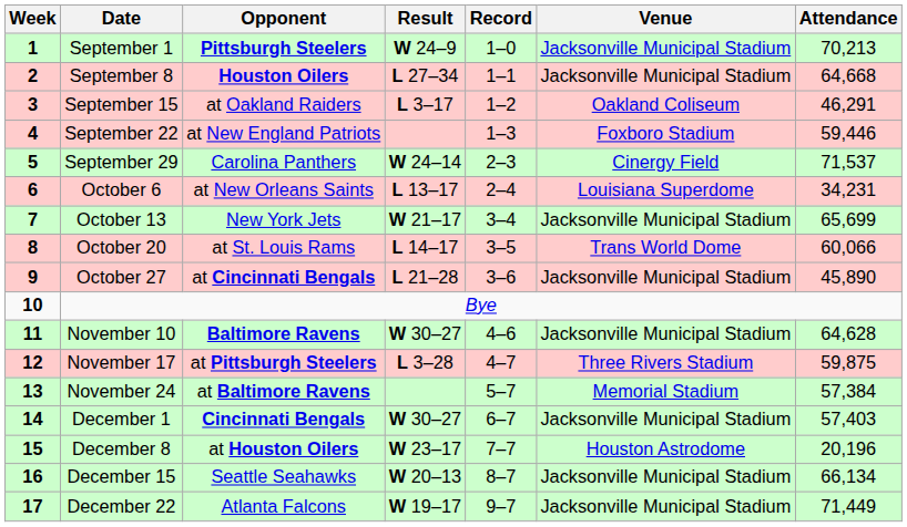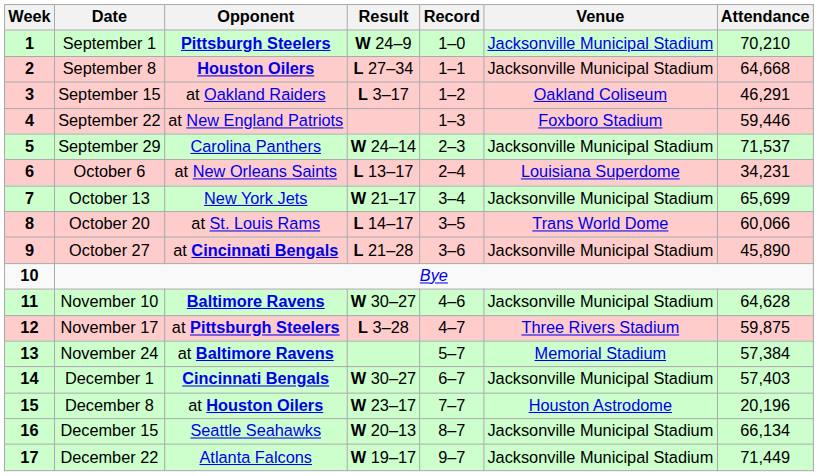 <table class="wikitable" style="text-align:center">
 <tr>
 <th>Week</th>
 <th>Date</th>
 <th>Opponent</th>
 <th>Result</th>
 <th>Record</th>
 <th>Venue</th>
 <th>Attendance</th>
 </tr>
 <tr style="background:#cfc;">
 <td><strong>1</strong></td>
 <td>September 1</td>
 <td><strong><a href='#'>Pittsburgh Steelers</a></strong></td>
 <td><strong>W</strong> 24–9</td>
 <td>1–0</td>
 <td><a href='#'>Jacksonville Municipal Stadium</a></td>
-<td>70,213</td>
+<td>70,210</td>
 </tr>
 <tr style="background:#fcc;">
 <td><strong>2</strong></td>
 <td>September 8</td>
 <td><strong><a href='#'>Houston Oilers</a></strong></td>
 <td><strong>L</strong> 27–34</td>
 <td>1–1</td>
 <td>Jacksonville Municipal Stadium</td>
 <td>64,668</td>
 </tr>
 <tr style="background:#fcc;">
 <td><strong>3</strong></td>
 <td>September 15</td>
 <td>at <a href='#'>Oakland Raiders</a></td>
 <td><strong>L</strong> 3–17</td>
 <td>1–2</td>
 <td><a href='#'>Oakland Coliseum</a></td>
 <td>46,291</td>
 </tr>
 <tr style="background:#fcc;">
 <td><strong>4</strong></td>
 <td>September 22</td>
 <td>at <a href='#'>New England Patriots</a></td>
 <td></td>
 <td>1–3</td>
 <td><a href='#'>Foxboro Stadium</a></td>
 <td>59,446</td>
 </tr>
 <tr style="background:#cfc;">
 <td><strong>5</strong></td>
 <td>September 29</td>
 <td><a href='#'>Carolina Panthers</a></td>
 <td><strong>W</strong> 24–14</td>
 <td>2–3</td>
-<td><a href='#'>Cinergy Field</a></td>
+<td>Jacksonville Municipal Stadium</td>
 <td>71,537</td>
 </tr>
 <tr style="background:#fcc;">
 <td><strong>6</strong></td>
 <td>October 6</td>
 <td>at <a href='#'>New Orleans Saints</a></td>
 <td><strong>L</strong> 13–17</td>
 <td>2–4</td>
 <td><a href='#'>Louisiana Superdome</a></td>
 <td>34,231</td>
 </tr>
 <tr style="background:#cfc;">
 <td><strong>7</strong></td>
 <td>October 13</td>
 <td><a href='#'>New York Jets</a></td>
 <td><strong>W</strong> 21–17</td>
 <td>3–4</td>
 <td>Jacksonville Municipal Stadium</td>
 <td>65,699</td>
 </tr>
 <tr style="background:#fcc;">
 <td><strong>8</strong></td>
 <td>October 20</td>
 <td>at <a href='#'>St. Louis Rams</a></td>
 <td><strong>L</strong> 14–17</td>
 <td>3–5</td>
 <td><a href='#'>Trans World Dome</a></td>
 <td>60,066</td>
 </tr>
 <tr style="background:#fcc;">
 <td><strong>9</strong></td>
 <td>October 27</td>
 <td>at <strong><a href='#'>Cincinnati Bengals</a></strong></td>
 <td><strong>L</strong> 21–28</td>
 <td>3–6</td>
 <td>Jacksonville Municipal Stadium</td>
 <td>45,890</td>
 </tr>
 <tr>
 <td><strong>10</strong></td>
 <td colspan="6" style="text-align:center;"><em><a href='#'>Bye</a></em></td>
 </tr>
 <tr style="background:#cfc;">
 <td><strong>11</strong></td>
 <td>November 10</td>
 <td><strong><a href='#'>Baltimore Ravens</a></strong></td>
 <td><strong>W</strong> 30–27</td>
 <td>4–6</td>
 <td>Jacksonville Municipal Stadium</td>
 <td>64,628</td>
 </tr>
 <tr style="background:#fcc;">
 <td><strong>12</strong></td>
 <td>November 17</td>
 <td>at <strong><a href='#'>Pittsburgh Steelers</a></strong></td>
 <td><strong>L</strong> 3–28</td>
 <td>4–7</td>
 <td><a href='#'>Three Rivers Stadium</a></td>
 <td>59,875</td>
 </tr>
 <tr style="background:#cfc;">
 <td><strong>13</strong></td>
 <td>November 24</td>
 <td>at <strong><a href='#'>Baltimore Ravens</a></strong></td>
 <td></td>
 <td>5–7</td>
 <td><a href='#'>Memorial Stadium</a></td>
 <td>57,384</td>
 </tr>
 <tr style="background:#cfc;">
 <td><strong>14</strong></td>
 <td>December 1</td>
 <td><strong><a href='#'>Cincinnati Bengals</a></strong></td>
 <td><strong>W</strong> 30–27</td>
 <td>6–7</td>
 <td>Jacksonville Municipal Stadium</td>
 <td>57,403</td>
 </tr>
 <tr style="background:#cfc;">
 <td><strong>15</strong></td>
 <td>December 8</td>
 <td>at <strong><a href='#'>Houston Oilers</a></strong></td>
 <td><strong>W</strong> 23–17</td>
 <td>7–7</td>
 <td><a href='#'>Houston Astrodome</a></td>
 <td>20,196</td>
 </tr>
 <tr style="background:#cfc;">
 <td><strong>16</strong></td>
 <td>December 15</td>
 <td><a href='#'>Seattle Seahawks</a></td>
 <td><strong>W</strong> 20–13</td>
 <td>8–7</td>
 <td>Jacksonville Municipal Stadium</td>
 <td>66,134</td>
 </tr>
 <tr style="background:#cfc;">
 <td><strong>17</strong></td>
 <td>December 22</td>
 <td><a href='#'>Atlanta Falcons</a></td>
 <td><strong>W</strong> 19–17</td>
 <td>9–7</td>
 <td>Jacksonville Municipal Stadium</td>
 <td>71,449</td>
 </tr>
 </table>
